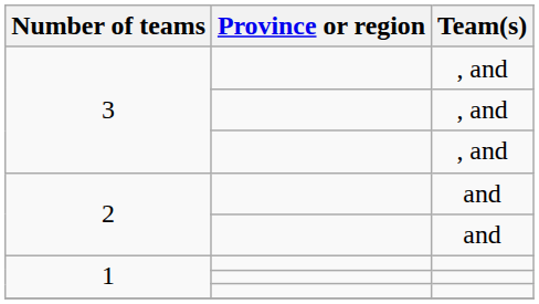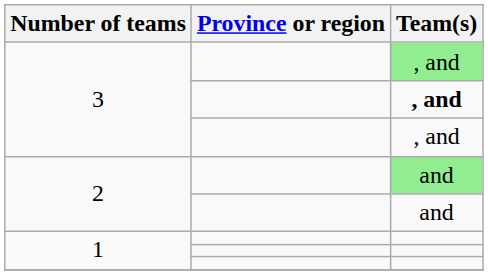 <table class="wikitable" style="text-align:center">
 <tr>
 <th>Number of teams</th>
 <th><a href='#'>Province</a> or region</th>
 <th>Team(s)</th>
 </tr>
 <tr>
 <td rowspan=3>3</td>
 <td align="left"></td>
-<td>,  and </td>
+<td style="background: lightgreen;">,  and </td>
 </tr>
 <tr>
 <td align="left"></td>
-<td>,  and </td>
+<td><strong>,  and </strong></td>
 </tr>
 <tr>
 <td align="left"></td>
 <td>,  and </td>
 </tr>
 <tr>
 <td rowspan=2>2</td>
 <td align="left"></td>
-<td> and </td>
+<td style="background: lightgreen;"> and </td>
 </tr>
 <tr>
 <td align="left"></td>
 <td> and </td>
 </tr>
 <tr>
 <td rowspan=3>1</td>
 <td align="left"></td>
 <td></td>
 </tr>
 <tr>
 <td align="left"></td>
 <td></td>
 </tr>
 <tr>
 <td align="left"></td>
 <td></td>
 </tr>
 <tr>
 </tr>
 </table>
